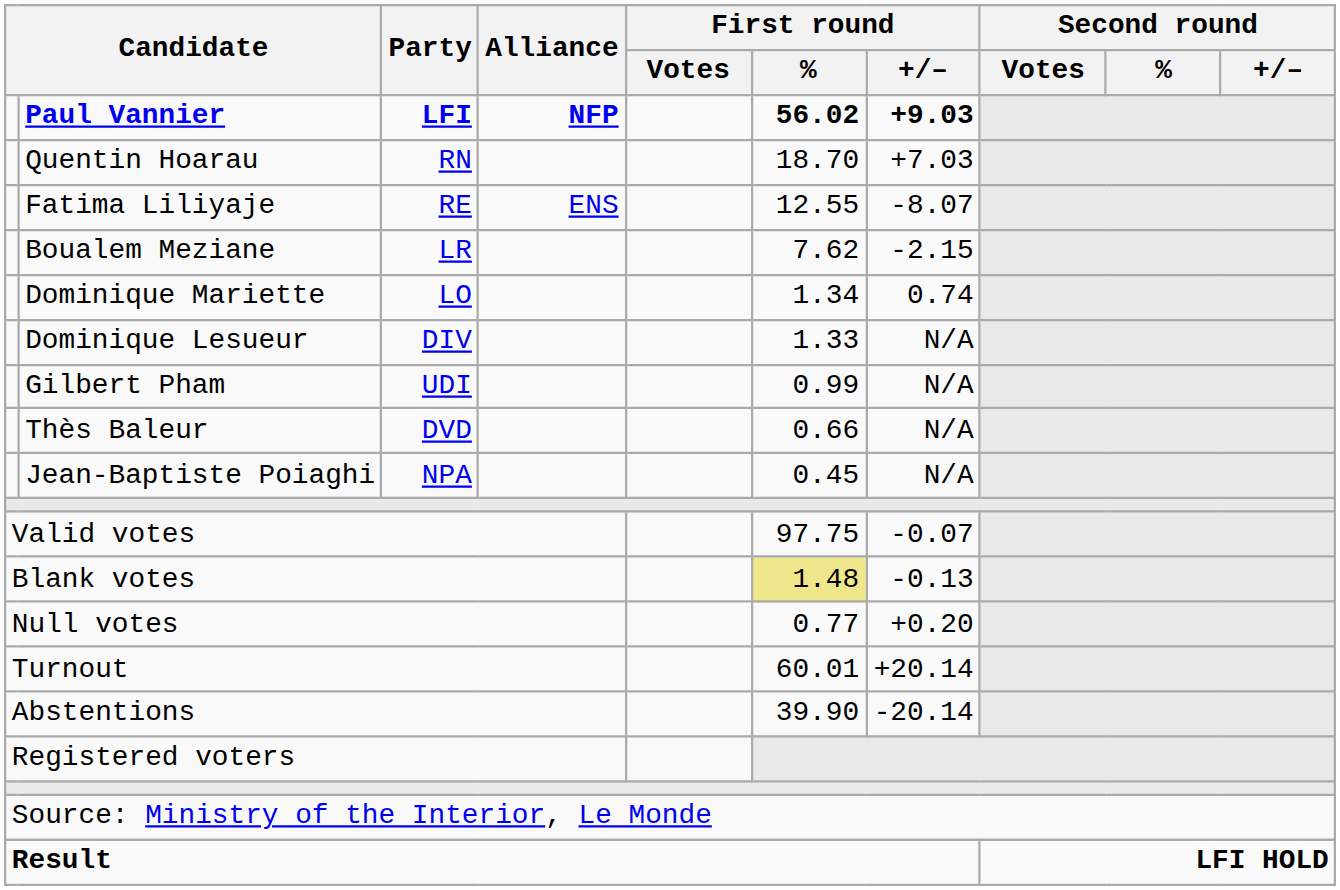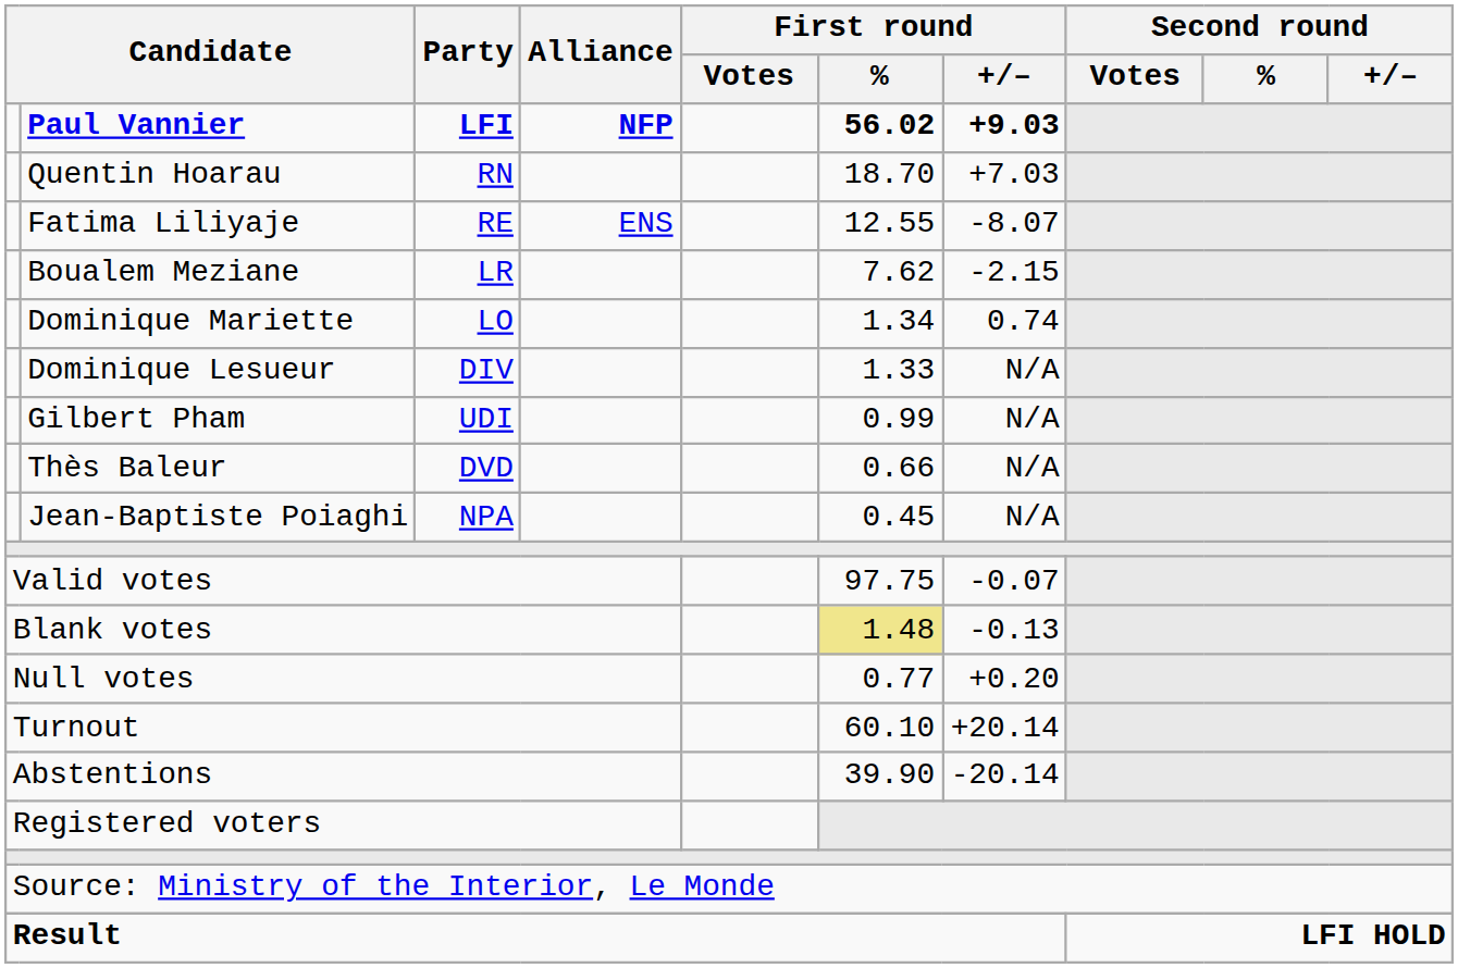 <table class="wikitable" style="text-align:right;font-size:95%;">
 <tr>
 <th rowspan="2" colspan="2">Candidate</th>
 <th rowspan="2">Party</th>
 <th rowspan="2">Alliance</th>
 <th colspan="3">First round</th>
 <th colspan="3">Second round</th>
 </tr>
 <tr>
 <th style="width:50px;">Votes</th>
 <th style="width:45px;">%</th>
 <th style="width:45px;">+/–</th>
 <th style="width:50px;">Votes</th>
 <th style="width:45px;">%</th>
 <th style="width:45px;">+/–</th>
 </tr>
 <tr>
 <td style="color:inherit;background:"></td>
 <td style="text-align:left;"><strong><a href='#'>Paul Vannier</a></strong></td>
 <td><a href='#'><strong>LFI</strong></a></td>
 <td><a href='#'><strong>NFP</strong></a></td>
 <td><strong></strong></td>
 <td><strong>56.02</strong></td>
 <td><strong>+9.03</strong></td>
 <td colspan="3" style="background:#E9E9E9;"></td>
 </tr>
 <tr>
 <td style="color:inherit;background:"></td>
 <td style="text-align:left;">Quentin Hoarau</td>
 <td><a href='#'>RN</a></td>
 <td></td>
 <td></td>
 <td>18.70</td>
 <td>+7.03</td>
 <td colspan="3" style="background:#E9E9E9;"></td>
 </tr>
 <tr>
 <td style="color:inherit;background:"></td>
 <td style="text-align:left;">Fatima Liliyaje</td>
 <td><a href='#'>RE</a></td>
 <td><a href='#'>ENS</a></td>
 <td></td>
 <td>12.55</td>
 <td>-8.07</td>
 <td colspan="3" style="background:#E9E9E9;"></td>
 </tr>
 <tr>
 <td style="color:inherit;background:"></td>
 <td style="text-align:left;">Boualem Meziane</td>
 <td><a href='#'>LR</a></td>
 <td></td>
 <td></td>
 <td>7.62</td>
 <td>-2.15</td>
 <td colspan="3" style="background:#E9E9E9;"></td>
 </tr>
 <tr>
 <td style="color:inherit;background:"></td>
 <td style="text-align:left;">Dominique Mariette</td>
 <td><a href='#'>LO</a></td>
 <td></td>
 <td></td>
 <td>1.34</td>
 <td>0.74</td>
 <td colspan="3" style="background:#E9E9E9;"></td>
 </tr>
 <tr>
 <td style="color:inherit;background:"></td>
 <td style="text-align:left;">Dominique Lesueur</td>
 <td><a href='#'>DIV</a></td>
 <td></td>
 <td></td>
 <td>1.33</td>
 <td>N/A</td>
 <td colspan="3" style="background:#E9E9E9;"></td>
 </tr>
 <tr>
 <td style="color:inherit;background:"></td>
 <td style="text-align:left;">Gilbert Pham</td>
 <td><a href='#'>UDI</a></td>
 <td></td>
 <td></td>
 <td>0.99</td>
 <td>N/A</td>
 <td colspan="3" style="background:#E9E9E9;"></td>
 </tr>
 <tr>
 <td style="color:inherit;background:"></td>
 <td style="text-align:left;">Thès Baleur</td>
 <td><a href='#'>DVD</a></td>
 <td></td>
 <td></td>
 <td>0.66</td>
 <td>N/A</td>
 <td colspan="3" style="background:#E9E9E9;"></td>
 </tr>
 <tr>
 <td style="color:inherit;background:"></td>
 <td style="text-align:left;">Jean-Baptiste Poiaghi</td>
 <td><a href='#'>NPA</a></td>
 <td></td>
 <td></td>
 <td>0.45</td>
 <td>N/A</td>
 <td colspan="3" style="background:#E9E9E9;"></td>
 </tr>
 <tr>
 <td colspan="10" style="background:#E9E9E9;"></td>
 </tr>
 <tr>
 <td colspan="4" style="text-align:left;">Valid votes</td>
 <td></td>
 <td>97.75</td>
 <td>-0.07</td>
 <td colspan="3" style="background:#E9E9E9;"></td>
 </tr>
 <tr>
 <td colspan="4" style="text-align:left;">Blank votes</td>
 <td></td>
 <td style="background: khaki;">1.48</td>
 <td>-0.13</td>
 <td colspan="3" style="background:#E9E9E9;"></td>
 </tr>
 <tr>
 <td colspan="4" style="text-align:left;">Null votes</td>
 <td></td>
 <td>0.77</td>
 <td>+0.20</td>
 <td colspan="3" style="background:#E9E9E9;"></td>
 </tr>
 <tr>
 <td colspan="4" style="text-align:left;">Turnout</td>
 <td></td>
-<td>60.01</td>
+<td>60.10</td>
 <td>+20.14</td>
 <td colspan="3" style="background:#E9E9E9;"></td>
 </tr>
 <tr>
 <td colspan="4" style="text-align:left;">Abstentions</td>
 <td></td>
 <td>39.90</td>
 <td>-20.14</td>
 <td colspan="3" style="background:#E9E9E9;"></td>
 </tr>
 <tr>
 <td colspan="4" style="text-align:left;">Registered voters</td>
 <td></td>
 <td colspan="5" style="background:#E9E9E9;"></td>
 </tr>
 <tr>
 <td colspan="10" style="background:#E9E9E9;"></td>
 </tr>
 <tr>
 <td colspan="10" style="text-align:left;">Source: <a href='#'>Ministry of the Interior</a>, <a href='#'>Le Monde</a></td>
 </tr>
 <tr>
 </tr>
 <tr style="font-weight:bold">
 <td colspan="7" style="text-align:left;">Result</td>
 <td colspan="7" style="background-color:">LFI HOLD</td>
 </tr>
 </table>
